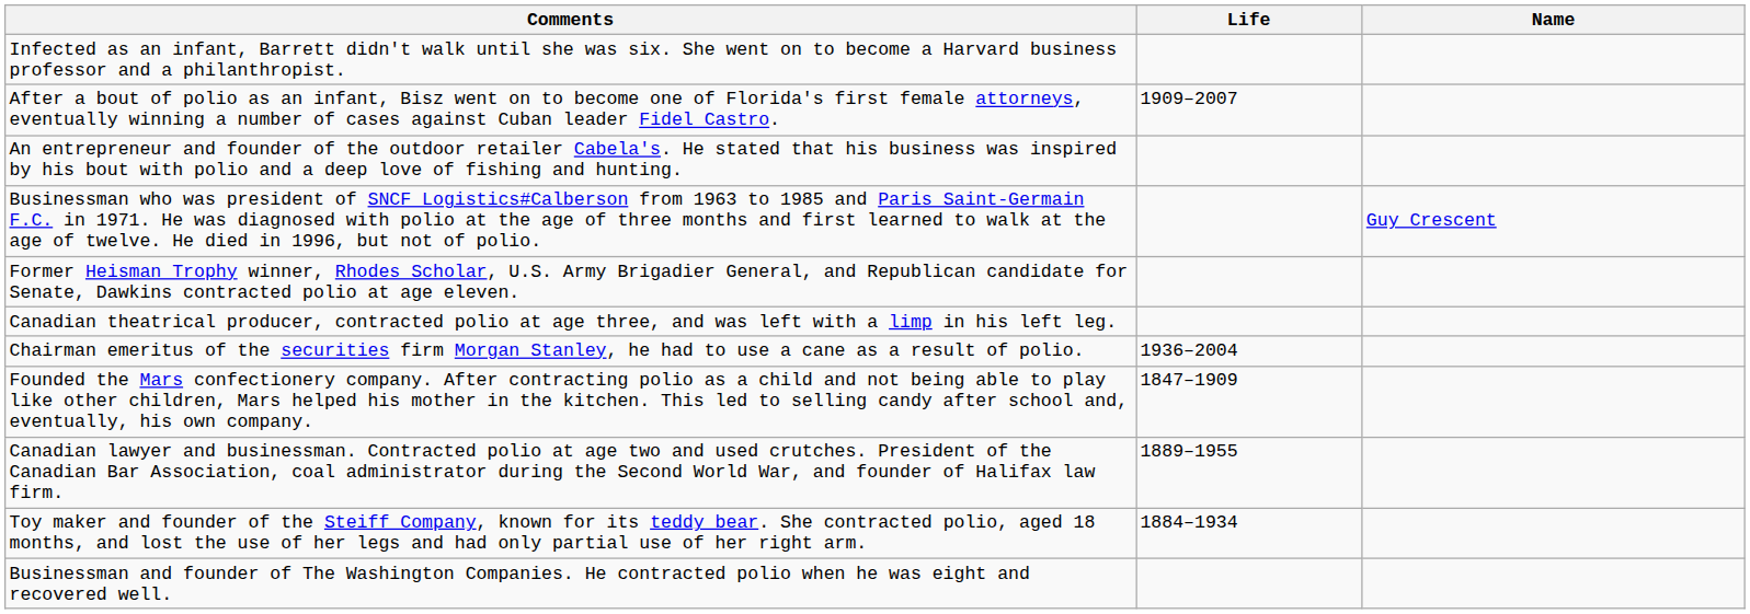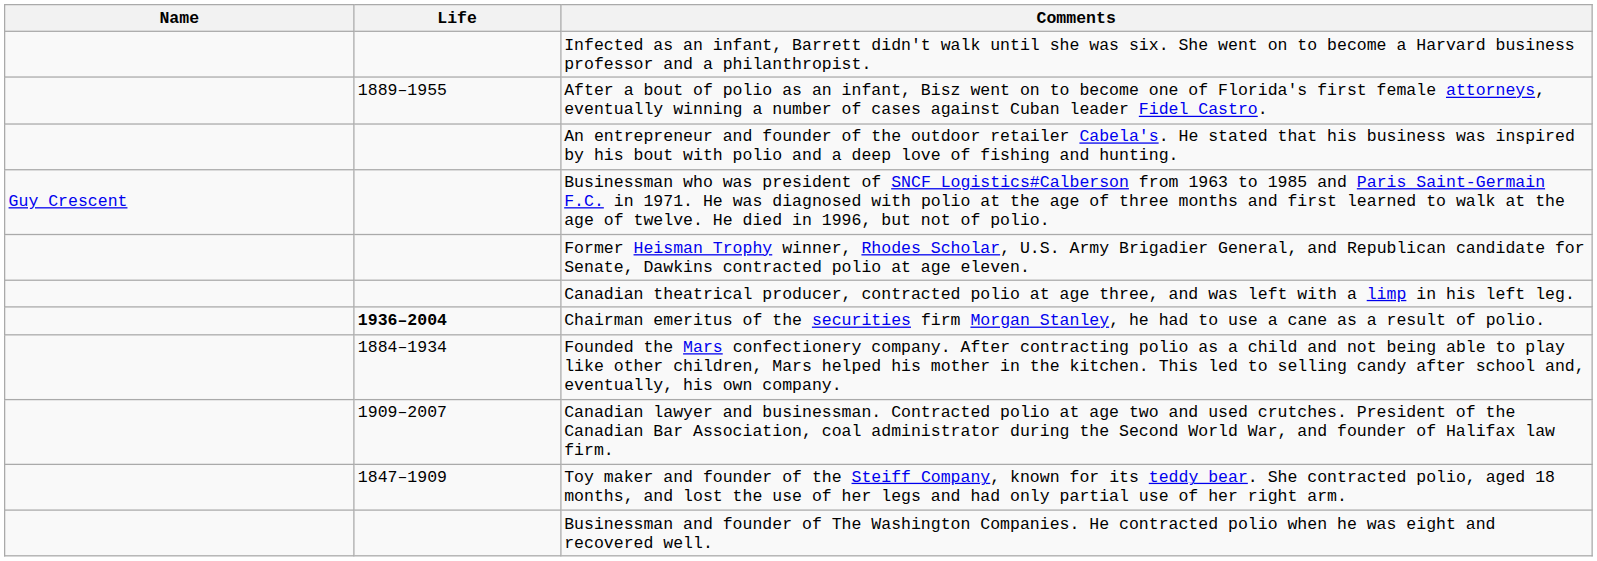 <table class="sortable wikitable">
 <tr>
+<th width="22%">Name</th>
+<th width="13%">Life</th>
 <th class="unsortable" width="65%">Comments</th>
-<th width="13%">Life</th>
-<th width="22%">Name</th>
 </tr>
 <tr valign="top">
-<td>Infected as an infant, Barrett didn't walk until she was six. She went on to become a Harvard business professor and a philanthropist.</td>
 <td></td>
 <td></td>
+<td>Infected as an infant, Barrett didn't walk until she was six. She went on to become a Harvard business professor and a philanthropist.</td>
 </tr>
 <tr valign="top">
+<td></td>
+<td>1889–1955</td>
 <td>After a bout of polio as an infant, Bisz went on to become one of Florida's first female <a href='#'>attorneys</a>, eventually winning a number of cases against Cuban leader <a href='#'>Fidel Castro</a>.</td>
-<td>1909–2007</td>
-<td></td>
 </tr>
 <tr valign="top">
-<td>An entrepreneur and founder of the outdoor retailer <a href='#'>Cabela's</a>. He stated that his business was inspired by his bout with polio and a deep love of fishing and hunting.</td>
 <td></td>
 <td></td>
+<td>An entrepreneur and founder of the outdoor retailer <a href='#'>Cabela's</a>. He stated that his business was inspired by his bout with polio and a deep love of fishing and hunting.</td>
 </tr>
 <tr>
+<td><a href='#'>Guy Crescent</a></td>
+<td></td>
 <td>Businessman who was president of <a href='#'>SNCF Logistics#Calberson</a> from 1963 to 1985 and <a href='#'>Paris Saint-Germain F.C.</a> in 1971. He was diagnosed with polio at the age of three months and first learned to walk at the age of twelve. He died in 1996, but not of polio.</td>
-<td></td>
-<td><a href='#'>Guy Crescent</a></td>
 </tr>
 <tr valign="top">
-<td>Former <a href='#'>Heisman Trophy</a> winner, <a href='#'>Rhodes Scholar</a>, U.S. Army Brigadier General, and Republican candidate for Senate, Dawkins contracted polio at age eleven.</td>
 <td></td>
 <td></td>
+<td>Former <a href='#'>Heisman Trophy</a> winner, <a href='#'>Rhodes Scholar</a>, U.S. Army Brigadier General, and Republican candidate for Senate, Dawkins contracted polio at age eleven.</td>
 </tr>
 <tr valign="top">
-<td>Canadian theatrical producer, contracted polio at age three, and was left with a <a href='#'>limp</a> in his left leg.</td>
 <td></td>
 <td></td>
+<td>Canadian theatrical producer, contracted polio at age three, and was left with a <a href='#'>limp</a> in his left leg.</td>
 </tr>
 <tr valign="top">
+<td></td>
+<td><strong>1936–2004</strong></td>
 <td>Chairman emeritus of the <a href='#'>securities</a> firm <a href='#'>Morgan Stanley</a>, he had to use a cane as a result of polio.</td>
-<td>1936–2004</td>
-<td></td>
 </tr>
 <tr valign="top">
+<td></td>
+<td>1884–1934</td>
 <td>Founded the <a href='#'>Mars</a> confectionery company. After contracting polio as a child and not being able to play like other children, Mars helped his mother in the kitchen. This led to selling candy after school and, eventually, his own company.</td>
-<td>1847–1909</td>
-<td></td>
 </tr>
 <tr valign="top">
+<td></td>
+<td>1909–2007</td>
 <td>Canadian lawyer and businessman. Contracted polio at age two and used crutches. President of the Canadian Bar Association, coal administrator during the Second World War, and founder of Halifax law firm.</td>
-<td>1889–1955</td>
-<td></td>
 </tr>
 <tr valign="top">
+<td></td>
+<td>1847–1909</td>
 <td>Toy maker and founder of the <a href='#'>Steiff Company</a>, known for its <a href='#'>teddy bear</a>. She contracted polio, aged 18 months, and lost the use of her legs and had only partial use of her right arm.</td>
-<td>1884–1934</td>
-<td></td>
 </tr>
 <tr valign="top">
-<td>Businessman and founder of The Washington Companies. He contracted polio when he was eight and recovered well.</td>
 <td></td>
 <td></td>
+<td>Businessman and founder of The Washington Companies. He contracted polio when he was eight and recovered well.</td>
 </tr>
 </table>
